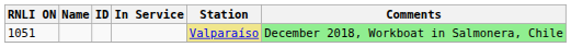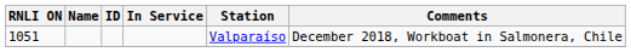 <table class="wikitable">
 <tr>
 <th>RNLI ON</th>
 <th>Name</th>
 <th>ID</th>
 <th>In Service</th>
 <th>Station</th>
 <th>Comments</th>
 </tr>
 <tr>
 <td>1051</td>
 <td></td>
 <td></td>
 <td></td>
-<td style="background: khaki;"><a href='#'>Valparaíso</a></td>
-<td style="background: lightgreen;">December 2018, Workboat in Salmonera, Chile</td>
+<td><a href='#'>Valparaíso</a></td>
+<td>December 2018, Workboat in Salmonera, Chile</td>
 </tr>
 <tr>
 </tr>
 </table>
